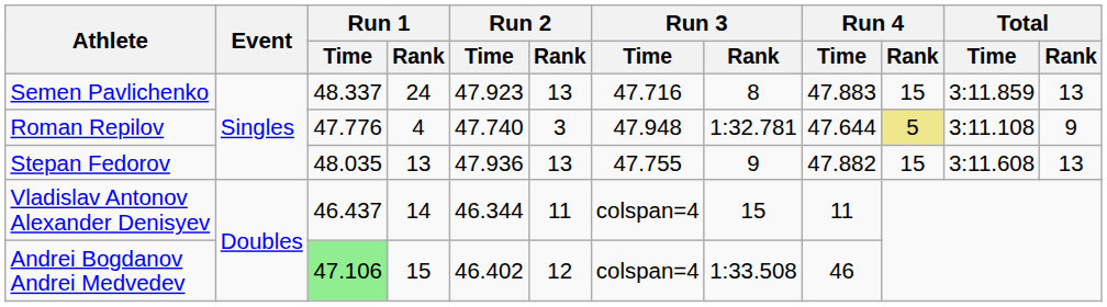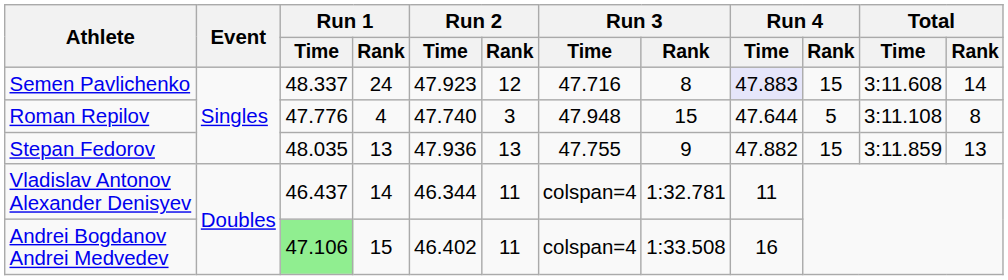 <table class="wikitable" style="font-size:90%">
 <tr>
 <th rowspan="2">Athlete</th>
 <th rowspan="2">Event</th>
 <th colspan=2>Run 1</th>
 <th colspan=2>Run 2</th>
 <th colspan=2>Run 3</th>
 <th colspan=2>Run 4</th>
 <th colspan=2>Total</th>
 </tr>
 <tr style="font-size:95%">
 <th>Time</th>
 <th>Rank</th>
 <th>Time</th>
 <th>Rank</th>
 <th>Time</th>
 <th>Rank</th>
 <th>Time</th>
 <th>Rank</th>
 <th>Time</th>
 <th>Rank</th>
 </tr>
 <tr align=center>
 <td align=left><a href='#'>Semen Pavlichenko</a></td>
 <td align=left rowspan=3><a href='#'>Singles</a></td>
 <td>48.337</td>
 <td>24</td>
 <td>47.923</td>
-<td>13</td>
+<td>12</td>
 <td>47.716</td>
 <td>8</td>
-<td>47.883</td>
+<td style="background: lavender;">47.883</td>
 <td>15</td>
-<td>3:11.859</td>
-<td>13</td>
+<td>3:11.608</td>
+<td>14</td>
 </tr>
 <tr align=center>
 <td align=left><a href='#'>Roman Repilov</a></td>
 <td>47.776</td>
 <td>4</td>
 <td>47.740</td>
 <td>3</td>
 <td>47.948</td>
-<td>1:32.781</td>
+<td>15</td>
 <td>47.644</td>
-<td style="background: khaki;">5</td>
+<td>5</td>
 <td>3:11.108</td>
-<td>9</td>
+<td>8</td>
 </tr>
 <tr align=center>
 <td align=left><a href='#'>Stepan Fedorov</a></td>
 <td>48.035</td>
 <td>13</td>
 <td>47.936</td>
 <td>13</td>
 <td>47.755</td>
 <td>9</td>
 <td>47.882</td>
 <td>15</td>
-<td>3:11.608</td>
+<td>3:11.859</td>
 <td>13</td>
 </tr>
 <tr align=center>
 <td align=left><a href='#'>Vladislav Antonov</a><br><a href='#'>Alexander Denisyev</a></td>
 <td align=left rowspan=2><a href='#'>Doubles</a></td>
 <td>46.437</td>
 <td>14</td>
 <td>46.344</td>
 <td>11</td>
 <td>colspan=4 </td>
-<td>15</td>
+<td>1:32.781</td>
 <td>11</td>
 </tr>
 <tr align=center>
 <td align=left><a href='#'>Andrei Bogdanov</a><br><a href='#'>Andrei Medvedev</a></td>
 <td style="background: lightgreen;">47.106</td>
 <td>15</td>
 <td>46.402</td>
-<td>12</td>
+<td>11</td>
 <td>colspan=4 </td>
 <td>1:33.508</td>
-<td>46</td>
+<td>16</td>
 </tr>
 </table>
